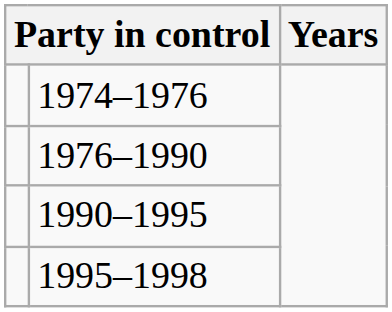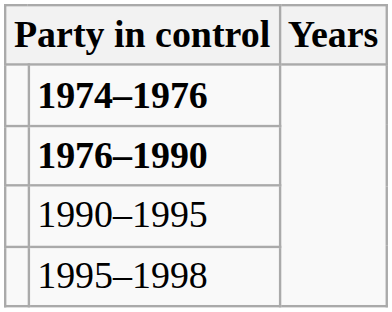 <table class="wikitable">
 <tr>
 <th colspan="2">Party in control</th>
 <th>Years</th>
 </tr>
 <tr>
 <td></td>
-<td>1974–1976</td>
+<td><strong>1974–1976</strong></td>
 </tr>
 <tr>
 <td></td>
-<td>1976–1990</td>
+<td><strong>1976–1990</strong></td>
 </tr>
 <tr>
 <td></td>
 <td>1990–1995</td>
 </tr>
 <tr>
 <td></td>
 <td>1995–1998</td>
 </tr>
 </table>
